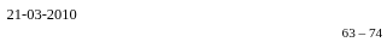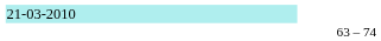 <table width=100% cellspacing=1>
 <tr>
 <th width=25%></th>
 <th width=10%></th>
 <th></th>
 </tr>
 <tr>
-<td>21-03-2010</td>
+<td style="background: paleturquoise;">21-03-2010</td>
 </tr>
 <tr style=font-size:90%>
 <td align=right></td>
 <td align=center>63 – 74</td>
 <td></td>
 </tr>
 </table>
